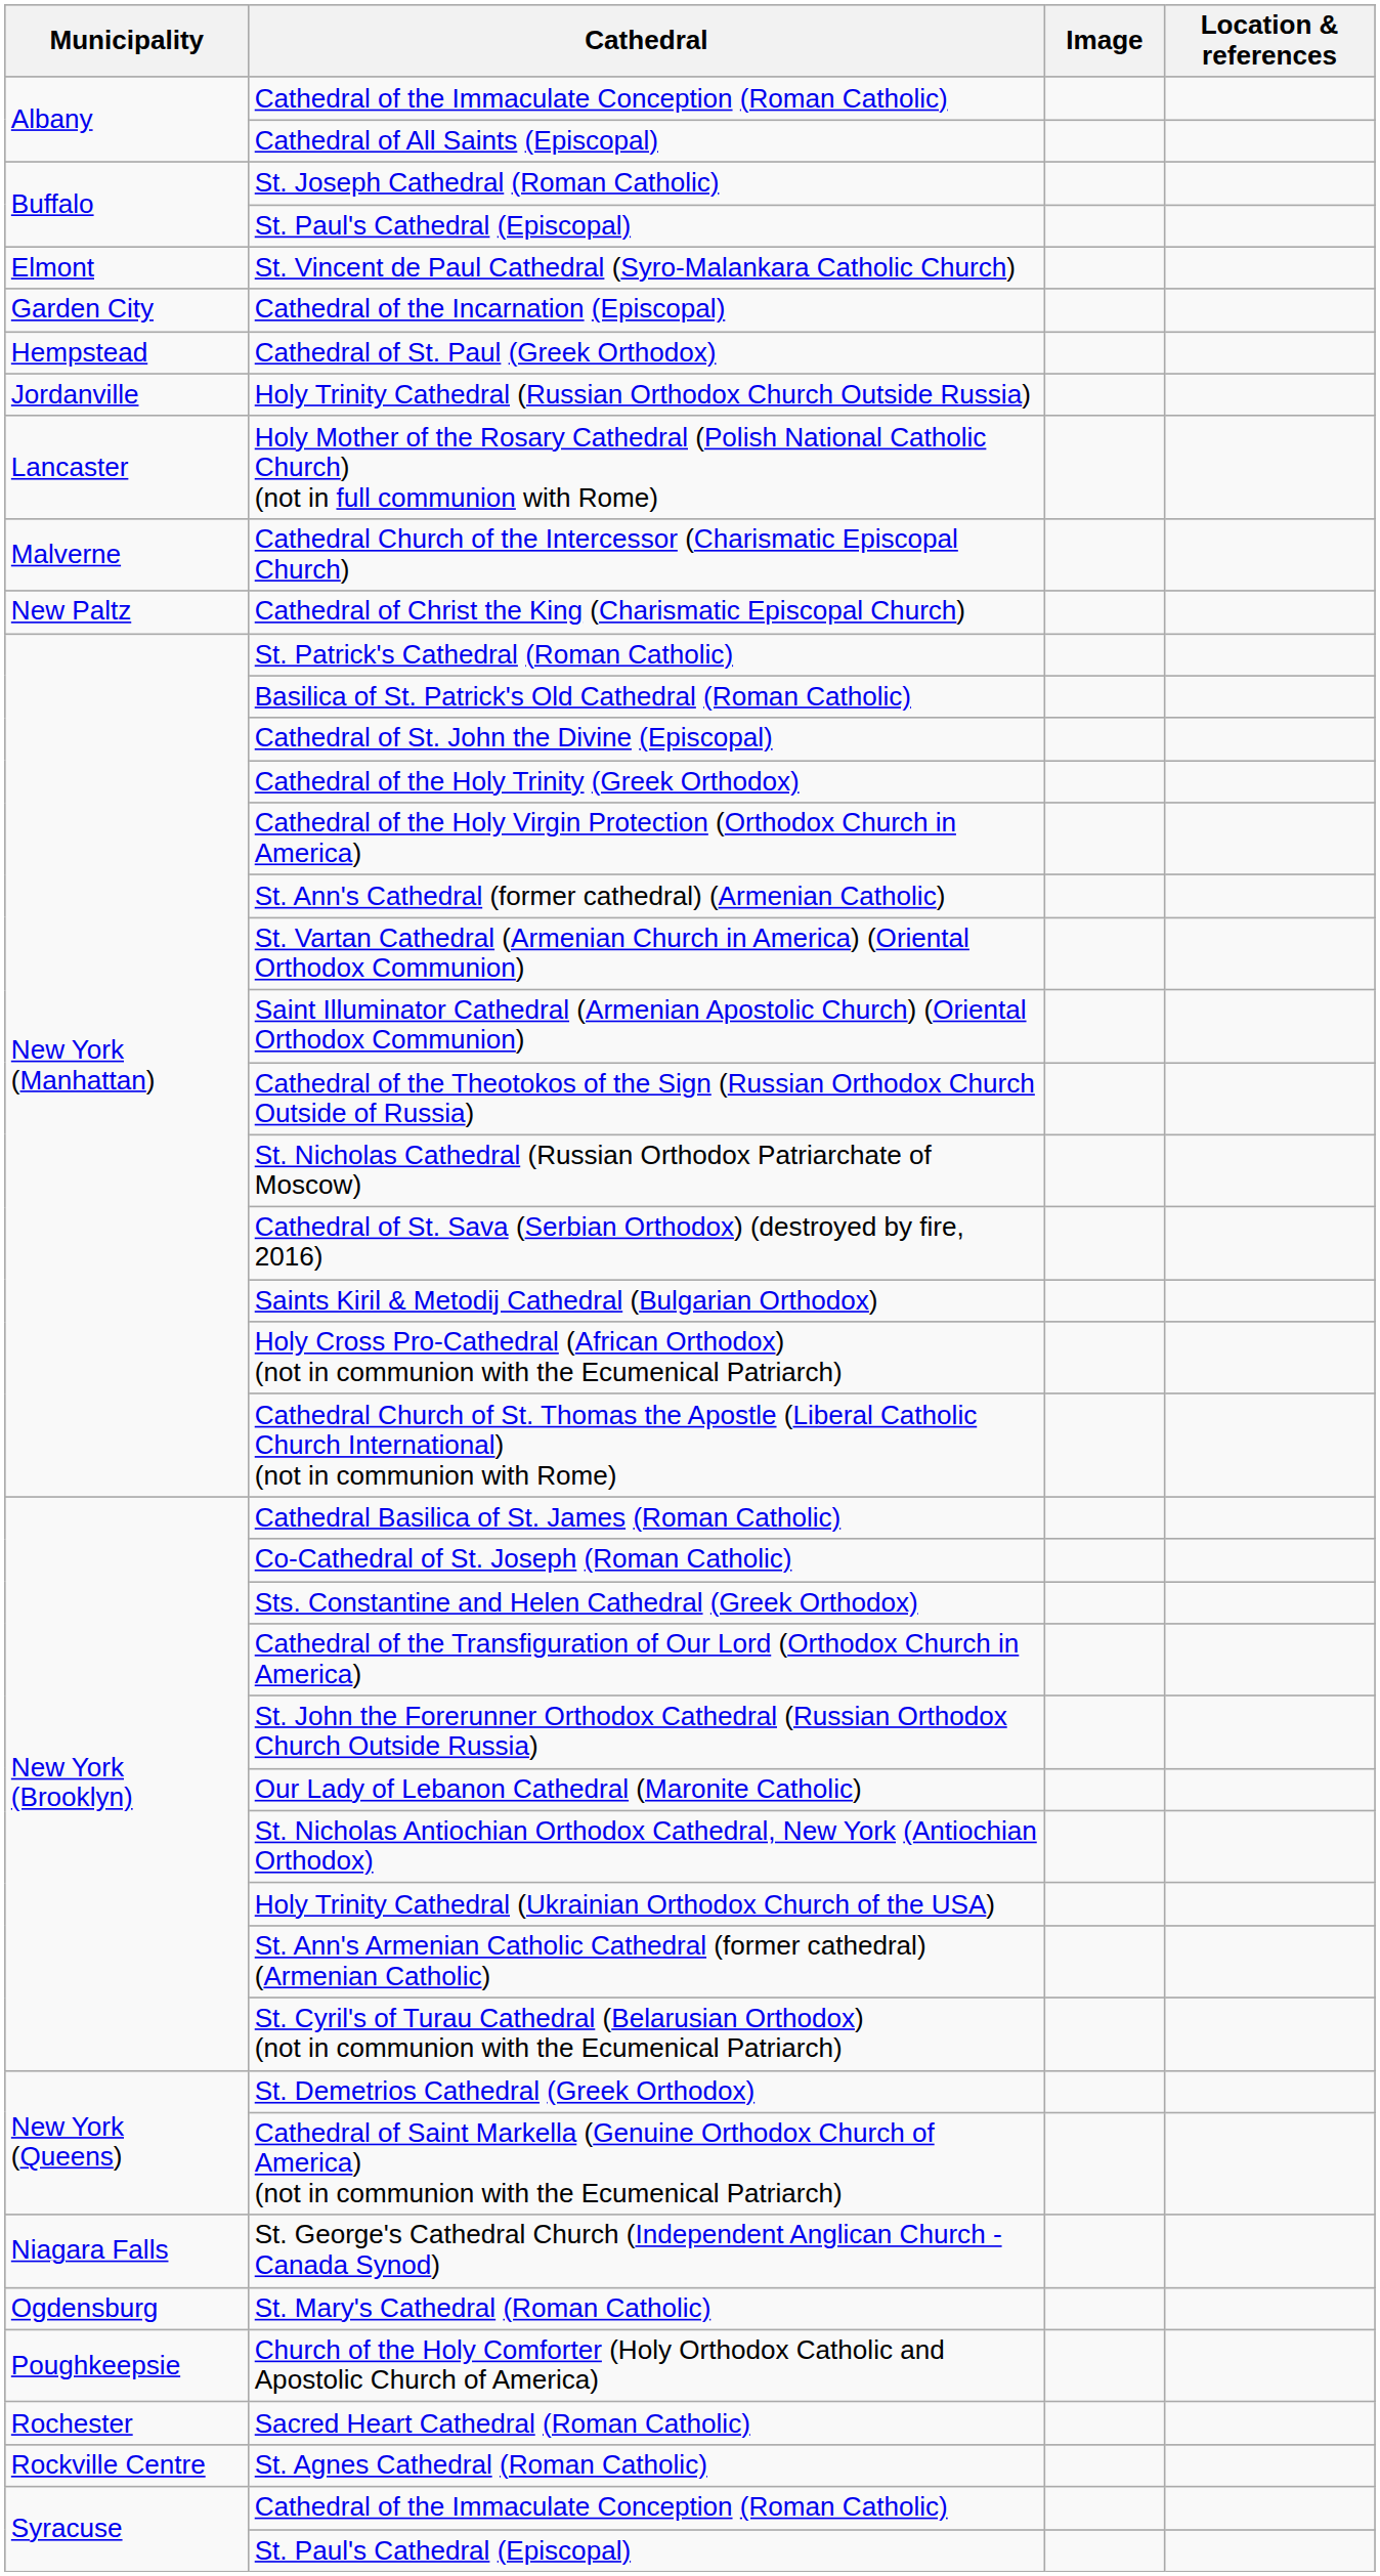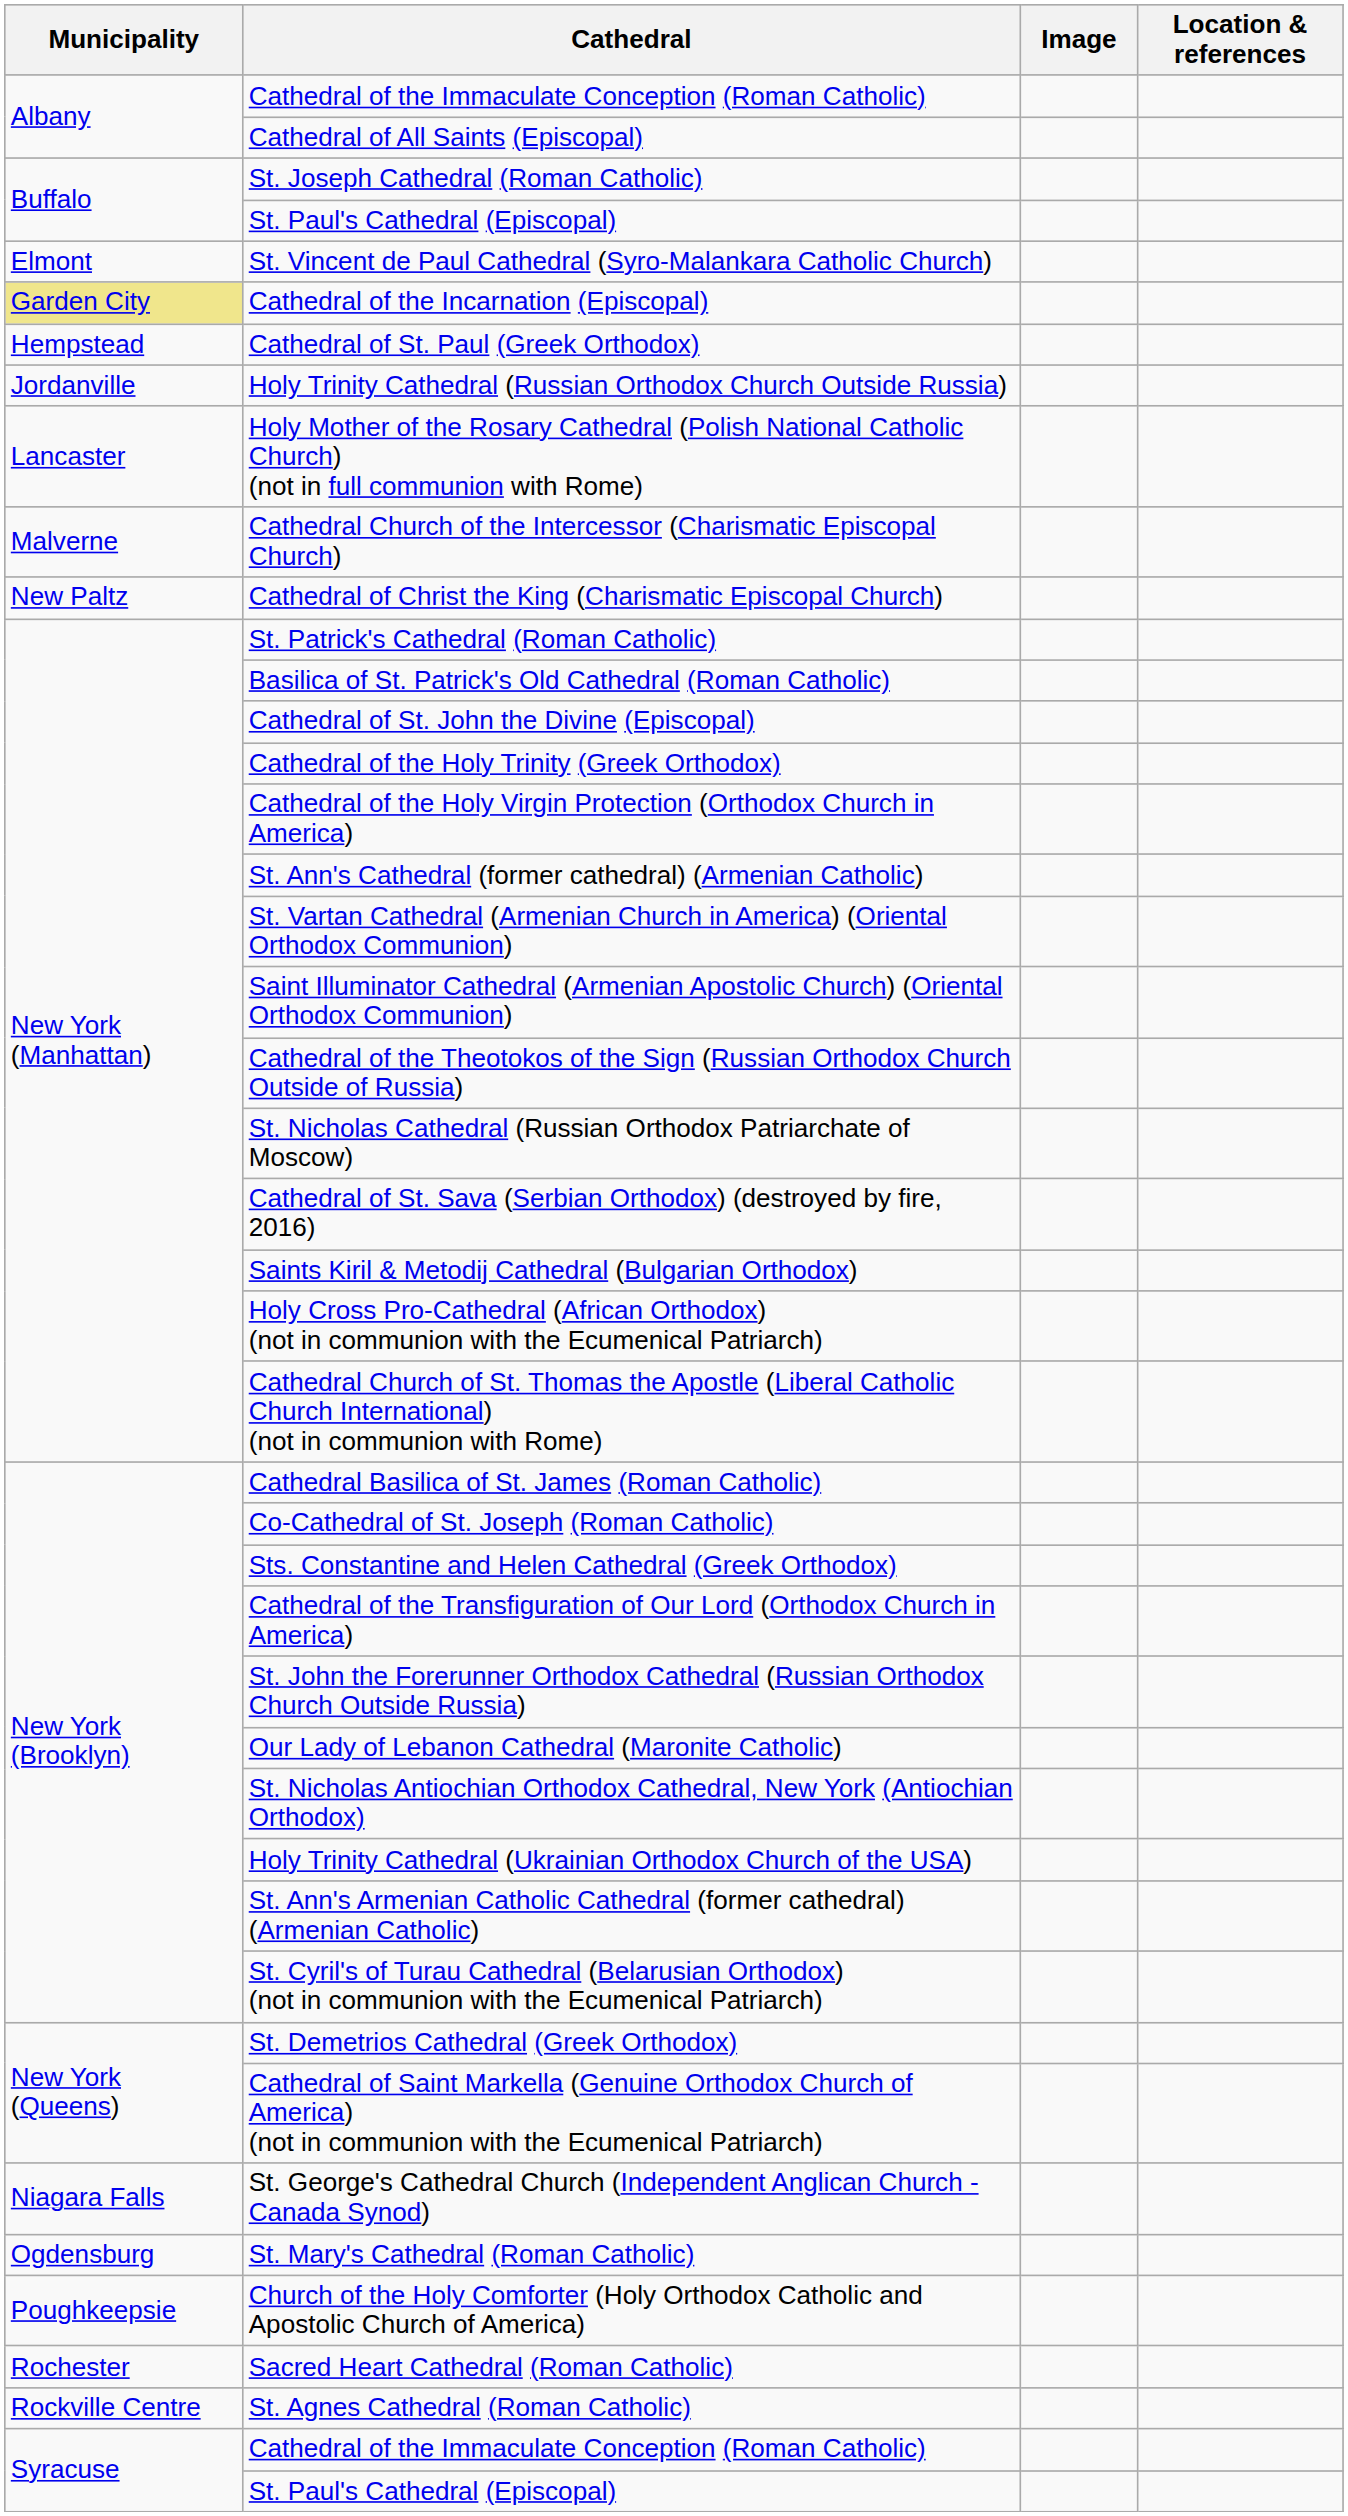 <table class="wikitable" width=65%>
 <tr>
 <th width = 10%>Municipality</th>
 <th width = 40%>Cathedral</th>
 <th width = 5%>Image</th>
 <th width = 10%>Location & references</th>
 </tr>
 <tr>
 <td rowspan=2><a href='#'>Albany</a></td>
 <td><a href='#'>Cathedral of the Immaculate Conception</a> <a href='#'>(Roman Catholic)</a></td>
 <td></td>
 <td><small></small><br></td>
 </tr>
 <tr>
 <td><a href='#'>Cathedral of All Saints</a> <a href='#'>(Episcopal)</a></td>
 <td></td>
 <td><small></small><br></td>
 </tr>
 <tr>
 <td rowspan=2><a href='#'>Buffalo</a></td>
 <td><a href='#'>St. Joseph Cathedral</a> <a href='#'>(Roman Catholic)</a></td>
 <td></td>
 <td><small></small><br></td>
 </tr>
 <tr>
 <td><a href='#'>St. Paul's Cathedral</a> <a href='#'>(Episcopal)</a></td>
 <td></td>
 <td><small></small><br></td>
 </tr>
 <tr>
 <td><a href='#'>Elmont</a></td>
 <td><a href='#'>St. Vincent de Paul Cathedral</a> (<a href='#'>Syro-Malankara Catholic Church</a>)</td>
 <td></td>
 <td><small></small><br></td>
 </tr>
 <tr>
-<td><a href='#'>Garden City</a></td>
+<td style="background: khaki;"><a href='#'>Garden City</a></td>
 <td><a href='#'>Cathedral of the Incarnation</a> <a href='#'>(Episcopal)</a></td>
 <td></td>
 <td><small></small><br></td>
 </tr>
 <tr>
 <td><a href='#'>Hempstead</a></td>
 <td><a href='#'>Cathedral of St. Paul</a> <a href='#'>(Greek Orthodox)</a></td>
 <td></td>
 <td><small></small><br></td>
 </tr>
 <tr>
 <td><a href='#'>Jordanville</a></td>
 <td><a href='#'>Holy Trinity Cathedral</a> (<a href='#'>Russian Orthodox Church Outside Russia</a>)</td>
 <td></td>
 <td><small></small><br></td>
 </tr>
 <tr>
 <td><a href='#'>Lancaster</a></td>
 <td><a href='#'>Holy Mother of the Rosary Cathedral</a> (<a href='#'>Polish National Catholic Church</a>)<br>(not in <a href='#'>full communion</a> with Rome)</td>
 <td></td>
 <td><small></small><br></td>
 </tr>
 <tr>
 <td><a href='#'>Malverne</a></td>
 <td><a href='#'>Cathedral Church of the Intercessor</a> (<a href='#'>Charismatic Episcopal Church</a>)</td>
 <td></td>
 <td><small></small><br></td>
 </tr>
 <tr>
 <td><a href='#'>New Paltz</a></td>
 <td><a href='#'>Cathedral of Christ the King</a> (<a href='#'>Charismatic Episcopal Church</a>)</td>
 <td></td>
 <td><small></small><br></td>
 </tr>
 <tr>
 <td rowspan=14><a href='#'>New York</a><br>(<a href='#'>Manhattan</a>)</td>
 <td><a href='#'>St. Patrick's Cathedral</a> <a href='#'>(Roman Catholic)</a></td>
 <td></td>
 <td><small></small><br></td>
 </tr>
 <tr>
 <td><a href='#'>Basilica of St. Patrick's Old Cathedral</a> <a href='#'>(Roman Catholic)</a></td>
 <td></td>
 <td><small></small><br></td>
 </tr>
 <tr>
 <td><a href='#'>Cathedral of St. John the Divine</a> <a href='#'>(Episcopal)</a></td>
 <td></td>
 <td><small></small><br></td>
 </tr>
 <tr>
 <td><a href='#'>Cathedral of the Holy Trinity</a> <a href='#'>(Greek Orthodox)</a></td>
 <td></td>
 <td><small></small><br></td>
 </tr>
 <tr>
 <td><a href='#'>Cathedral of the Holy Virgin Protection</a> (<a href='#'>Orthodox Church in America</a>)</td>
 <td></td>
 <td><small></small><br></td>
 </tr>
 <tr>
 <td><a href='#'>St. Ann's Cathedral</a> (former cathedral) (<a href='#'>Armenian Catholic</a>)</td>
 <td></td>
 <td><small></small><br></td>
 </tr>
 <tr>
 <td><a href='#'>St. Vartan Cathedral</a> (<a href='#'>Armenian Church in America</a>) (<a href='#'>Oriental Orthodox Communion</a>)</td>
 <td></td>
 <td><small></small><br></td>
 </tr>
 <tr>
 <td><a href='#'>Saint Illuminator Cathedral</a> (<a href='#'>Armenian Apostolic Church</a>) (<a href='#'>Oriental Orthodox Communion</a>)</td>
 <td></td>
 <td><small></small><br></td>
 </tr>
 <tr>
 <td><a href='#'>Cathedral of the Theotokos of the Sign</a> (<a href='#'>Russian Orthodox Church Outside of Russia</a>)</td>
 <td></td>
 <td><small></small><br></td>
 </tr>
 <tr>
 <td><a href='#'>St. Nicholas Cathedral</a> (Russian Orthodox Patriarchate of Moscow)</td>
 <td></td>
 <td><small></small><br></td>
 </tr>
 <tr>
 <td><a href='#'>Cathedral of St. Sava</a> (<a href='#'>Serbian Orthodox</a>) (destroyed by fire, 2016)</td>
 <td></td>
 <td><small></small><br></td>
 </tr>
 <tr>
 <td><a href='#'>Saints Kiril & Metodij Cathedral</a> (<a href='#'>Bulgarian Orthodox</a>)</td>
 <td></td>
 <td><small></small><br></td>
 </tr>
 <tr>
 <td><a href='#'>Holy Cross Pro-Cathedral</a> (<a href='#'>African Orthodox</a>)<br>(not in communion with the Ecumenical Patriarch)</td>
 <td></td>
 <td><small></small><br></td>
 </tr>
 <tr>
 <td><a href='#'>Cathedral Church of St. Thomas the Apostle</a> (<a href='#'>Liberal Catholic Church International</a>)<br>(not in communion with Rome)</td>
 <td></td>
 <td><small></small><br></td>
 </tr>
 <tr>
 <td rowspan=10><a href='#'>New York</a><br><a href='#'>(Brooklyn)</a></td>
 <td><a href='#'>Cathedral Basilica of St. James</a> <a href='#'>(Roman Catholic)</a></td>
 <td></td>
 <td><small></small><br></td>
 </tr>
 <tr>
 <td><a href='#'>Co-Cathedral of St. Joseph</a> <a href='#'>(Roman Catholic)</a></td>
 <td></td>
 <td><small></small><br></td>
 </tr>
 <tr>
 <td><a href='#'>Sts. Constantine and Helen Cathedral</a> <a href='#'>(Greek Orthodox)</a></td>
 <td></td>
 <td><small></small><br></td>
 </tr>
 <tr>
 <td><a href='#'>Cathedral of the Transfiguration of Our Lord</a> (<a href='#'>Orthodox Church in America</a>)</td>
 <td></td>
 <td><small></small><br></td>
 </tr>
 <tr>
 <td><a href='#'>St. John the Forerunner Orthodox Cathedral</a> (<a href='#'>Russian Orthodox Church Outside Russia</a>)</td>
 <td></td>
 <td><small></small><br></td>
 </tr>
 <tr>
 <td><a href='#'>Our Lady of Lebanon Cathedral</a> (<a href='#'>Maronite Catholic</a>)</td>
 <td></td>
 <td><small></small><br></td>
 </tr>
 <tr>
 <td><a href='#'>St. Nicholas Antiochian Orthodox Cathedral, New York</a> <a href='#'>(Antiochian Orthodox)</a></td>
 <td></td>
 <td><small></small><br></td>
 </tr>
 <tr>
 <td><a href='#'>Holy Trinity Cathedral</a> (<a href='#'>Ukrainian Orthodox Church of the USA</a>)</td>
 <td></td>
 <td><small></small><br></td>
 </tr>
 <tr>
 <td><a href='#'>St. Ann's Armenian Catholic Cathedral</a> (former cathedral) (<a href='#'>Armenian Catholic</a>)</td>
 <td></td>
 <td><small></small><br></td>
 </tr>
 <tr>
 <td><a href='#'>St. Cyril's of Turau Cathedral</a> (<a href='#'>Belarusian Orthodox</a>)<br>(not in communion with the Ecumenical Patriarch)</td>
 <td></td>
 <td><small></small><br></td>
 </tr>
 <tr>
 <td rowspan=2><a href='#'>New York</a><br>(<a href='#'>Queens</a>)</td>
 <td><a href='#'>St. Demetrios Cathedral</a> <a href='#'>(Greek Orthodox)</a></td>
 <td></td>
 <td><small></small><br></td>
 </tr>
 <tr>
 <td><a href='#'>Cathedral of Saint Markella</a> (<a href='#'>Genuine Orthodox Church of America</a>)<br>(not in communion with the Ecumenical Patriarch)</td>
 <td></td>
 <td><small></small><br></td>
 </tr>
 <tr>
 <td><a href='#'>Niagara Falls</a></td>
 <td>St. George's Cathedral Church (<a href='#'>Independent Anglican Church - Canada Synod</a>)</td>
 <td></td>
 <td></td>
 </tr>
 <tr>
 <td><a href='#'>Ogdensburg</a></td>
 <td><a href='#'>St. Mary's Cathedral</a> <a href='#'>(Roman Catholic)</a></td>
 <td></td>
 <td><small></small><br></td>
 </tr>
 <tr>
 <td><a href='#'>Poughkeepsie</a></td>
 <td><a href='#'>Church of the Holy Comforter</a> (Holy Orthodox Catholic and Apostolic Church of America)</td>
 <td></td>
 <td></td>
 </tr>
 <tr>
 <td><a href='#'>Rochester</a></td>
 <td><a href='#'>Sacred Heart Cathedral</a> <a href='#'>(Roman Catholic)</a></td>
 <td></td>
 <td><small></small><br></td>
 </tr>
 <tr>
 <td><a href='#'>Rockville Centre</a></td>
 <td><a href='#'>St. Agnes Cathedral</a> <a href='#'>(Roman Catholic)</a></td>
 <td></td>
 <td><small></small><br></td>
 </tr>
 <tr>
 <td rowspan=2><a href='#'>Syracuse</a></td>
 <td><a href='#'>Cathedral of the Immaculate Conception</a> <a href='#'>(Roman Catholic)</a></td>
 <td></td>
 <td><small></small><br></td>
 </tr>
 <tr>
 <td><a href='#'>St. Paul's Cathedral</a> <a href='#'>(Episcopal)</a></td>
 <td></td>
 <td><small></small><br></td>
 </tr>
 </table>
